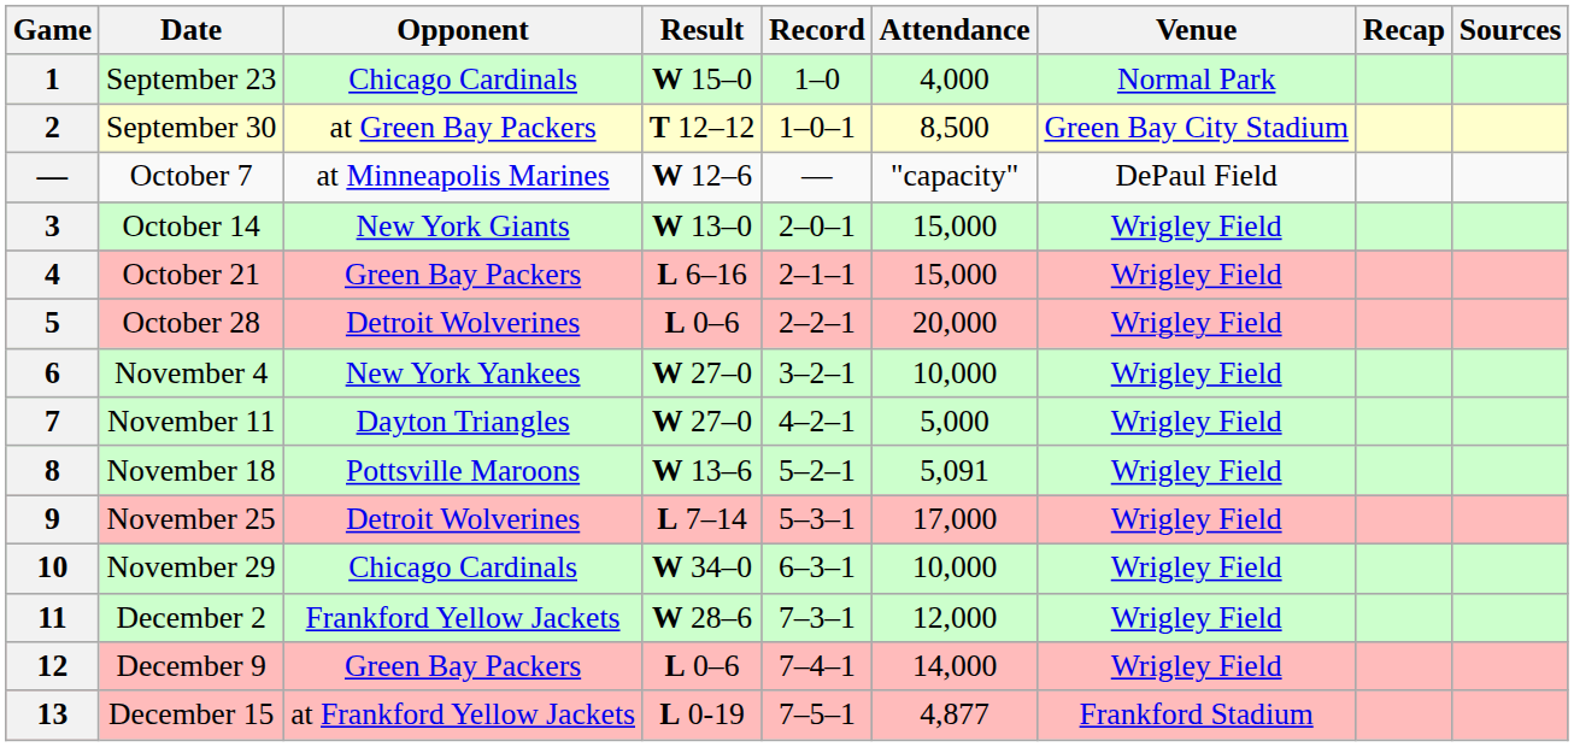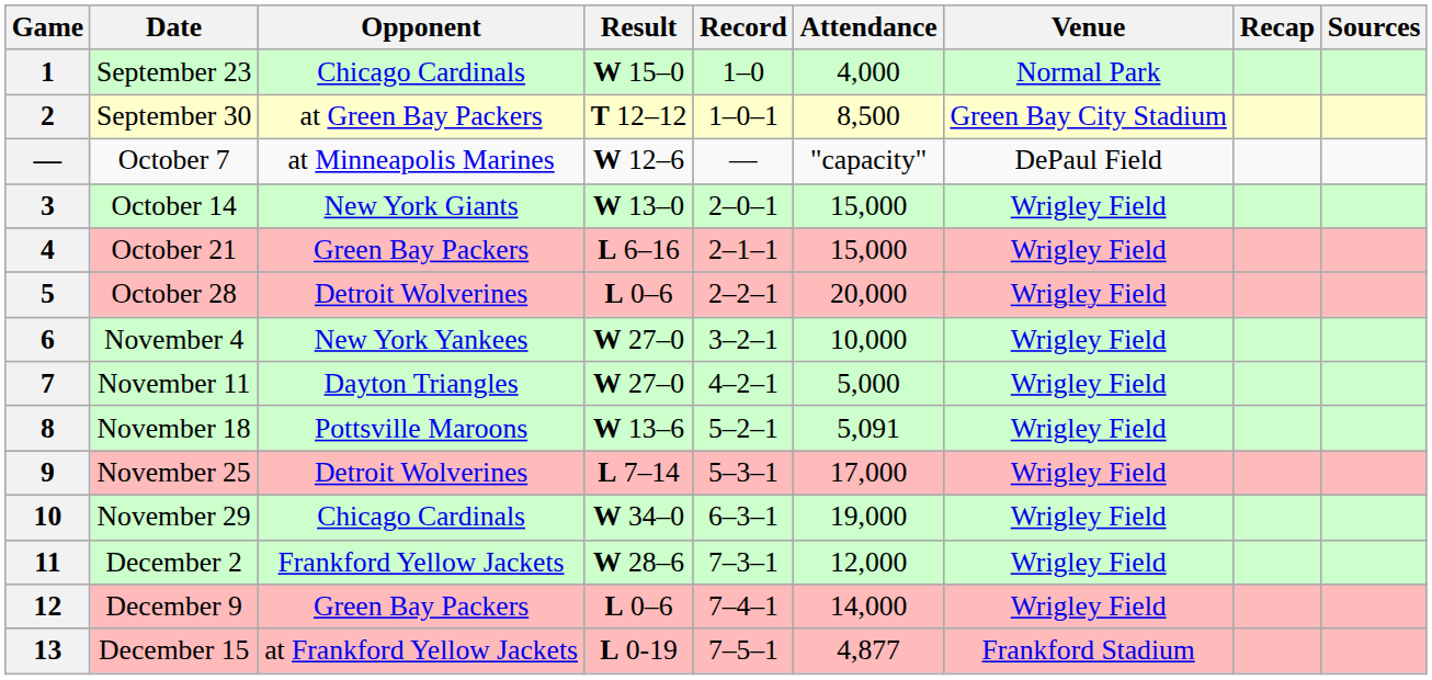 <table class="wikitable" style="text-align:center">
 <tr>
 <th>Game</th>
 <th>Date</th>
 <th>Opponent</th>
 <th>Result</th>
 <th>Record</th>
 <th>Attendance</th>
 <th>Venue</th>
 <th>Recap</th>
 <th>Sources</th>
 </tr>
 <tr style="background: #cfc;">
 <th>1</th>
 <td>September 23</td>
 <td><a href='#'>Chicago Cardinals</a></td>
 <td><strong>W</strong> 15–0</td>
 <td>1–0</td>
 <td>4,000</td>
 <td><a href='#'>Normal Park</a></td>
 <td></td>
 <td></td>
 </tr>
 <tr style="background: #ffc;">
 <th>2</th>
 <td>September 30</td>
 <td>at <a href='#'>Green Bay Packers</a></td>
 <td><strong>T</strong> 12–12</td>
 <td>1–0–1</td>
 <td>8,500</td>
 <td><a href='#'>Green Bay City Stadium</a></td>
 <td></td>
 <td></td>
 </tr>
 <tr>
 <th>—</th>
 <td>October 7</td>
 <td>at <a href='#'>Minneapolis Marines</a></td>
 <td><strong>W</strong> 12–6</td>
 <td>—</td>
 <td>"capacity"</td>
 <td>DePaul Field</td>
 <td></td>
 <td></td>
 </tr>
 <tr style="background: #cfc;">
 <th>3</th>
 <td>October 14</td>
 <td><a href='#'>New York Giants</a></td>
 <td><strong>W</strong> 13–0</td>
 <td>2–0–1</td>
 <td>15,000</td>
 <td><a href='#'>Wrigley Field</a></td>
 <td></td>
 <td></td>
 </tr>
 <tr style="background: #fbb;">
 <th>4</th>
 <td>October 21</td>
 <td><a href='#'>Green Bay Packers</a></td>
 <td><strong>L</strong> 6–16</td>
 <td>2–1–1</td>
 <td>15,000</td>
 <td><a href='#'>Wrigley Field</a></td>
 <td></td>
 <td></td>
 </tr>
 <tr style="background: #fbb;">
 <th>5</th>
 <td>October 28</td>
 <td><a href='#'>Detroit Wolverines</a></td>
 <td><strong>L</strong> 0–6</td>
 <td>2–2–1</td>
 <td>20,000</td>
 <td><a href='#'>Wrigley Field</a></td>
 <td></td>
 <td></td>
 </tr>
 <tr style="background: #cfc;">
 <th>6</th>
 <td>November 4</td>
 <td><a href='#'>New York Yankees</a></td>
 <td><strong>W</strong> 27–0</td>
 <td>3–2–1</td>
 <td>10,000</td>
 <td><a href='#'>Wrigley Field</a></td>
 <td></td>
 <td></td>
 </tr>
 <tr style="background: #cfc;">
 <th>7</th>
 <td>November 11</td>
 <td><a href='#'>Dayton Triangles</a></td>
 <td><strong>W</strong> 27–0</td>
 <td>4–2–1</td>
 <td>5,000</td>
 <td><a href='#'>Wrigley Field</a></td>
 <td></td>
 <td></td>
 </tr>
 <tr style="background: #cfc;">
 <th>8</th>
 <td>November 18</td>
 <td><a href='#'>Pottsville Maroons</a></td>
 <td><strong>W</strong> 13–6</td>
 <td>5–2–1</td>
 <td>5,091</td>
 <td><a href='#'>Wrigley Field</a></td>
 <td></td>
 <td></td>
 </tr>
 <tr style="background: #fbb;">
 <th>9</th>
 <td>November 25</td>
 <td><a href='#'>Detroit Wolverines</a></td>
 <td><strong>L</strong> 7–14</td>
 <td>5–3–1</td>
 <td>17,000</td>
 <td><a href='#'>Wrigley Field</a></td>
 <td></td>
 <td></td>
 </tr>
 <tr style="background: #cfc;">
 <th>10</th>
 <td>November 29</td>
 <td><a href='#'>Chicago Cardinals</a></td>
 <td><strong>W</strong> 34–0</td>
 <td>6–3–1</td>
-<td>10,000</td>
+<td>19,000</td>
 <td><a href='#'>Wrigley Field</a></td>
 <td></td>
 <td></td>
 </tr>
 <tr style="background: #cfc;">
 <th>11</th>
 <td>December 2</td>
 <td><a href='#'>Frankford Yellow Jackets</a></td>
 <td><strong>W</strong> 28–6</td>
 <td>7–3–1</td>
 <td>12,000</td>
 <td><a href='#'>Wrigley Field</a></td>
 <td></td>
 <td></td>
 </tr>
 <tr style="background: #fbb;">
 <th>12</th>
 <td>December 9</td>
 <td><a href='#'>Green Bay Packers</a></td>
 <td><strong>L</strong> 0–6</td>
 <td>7–4–1</td>
 <td>14,000</td>
 <td><a href='#'>Wrigley Field</a></td>
 <td></td>
 <td></td>
 </tr>
 <tr style="background: #fbb;">
 <th>13</th>
 <td>December 15</td>
 <td>at <a href='#'>Frankford Yellow Jackets</a></td>
 <td><strong>L</strong> 0-19</td>
 <td>7–5–1</td>
 <td>4,877</td>
 <td><a href='#'>Frankford Stadium</a></td>
 <td></td>
 <td></td>
 </tr>
 </table>
